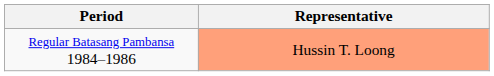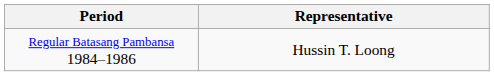 <table class="wikitable" style="text-align:center; width:40%;">
 <tr>
 <th width="40%">Period</th>
 <th>Representative</th>
 </tr>
 <tr>
 <td><small><a href='#'>Regular Batasang Pambansa</a></small><br>1984–1986</td>
-<td style="background: lightsalmon;">Hussin T. Loong</td>
+<td>Hussin T. Loong</td>
 </tr>
 </table>
